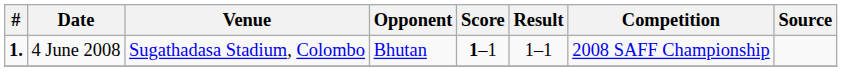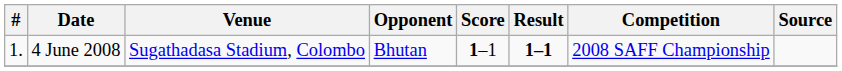 <table class="wikitable" style="font-size:90%">
 <tr>
 <th>#</th>
 <th>Date</th>
 <th>Venue</th>
 <th>Opponent</th>
 <th>Score</th>
 <th>Result</th>
 <th>Competition</th>
 <th>Source</th>
 </tr>
 <tr>
-<td><strong>1.</strong></td>
+<td>1.</td>
 <td>4 June 2008</td>
 <td><a href='#'>Sugathadasa Stadium</a>, <a href='#'>Colombo</a></td>
 <td> <a href='#'>Bhutan</a></td>
 <td style="text-align:center;"><strong>1</strong>–1</td>
-<td style="text-align:center;">1–1</td>
+<td style="text-align:center;"><strong>1–1</strong></td>
 <td><a href='#'>2008 SAFF Championship</a></td>
 <td></td>
 </tr>
 <tr>
 </tr>
 </table>
